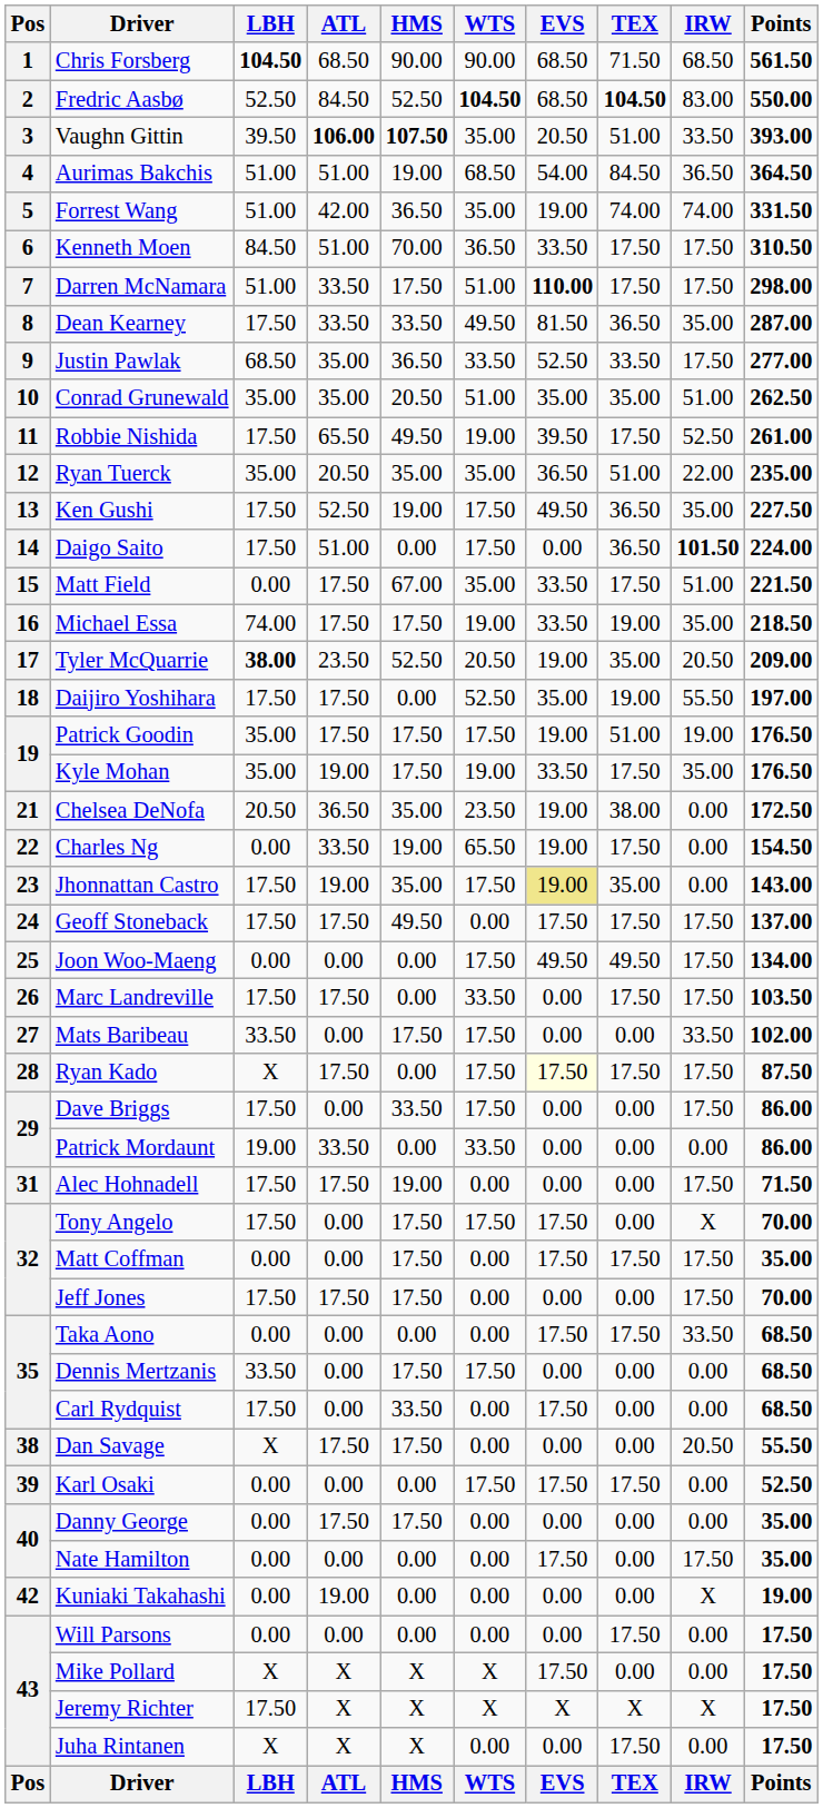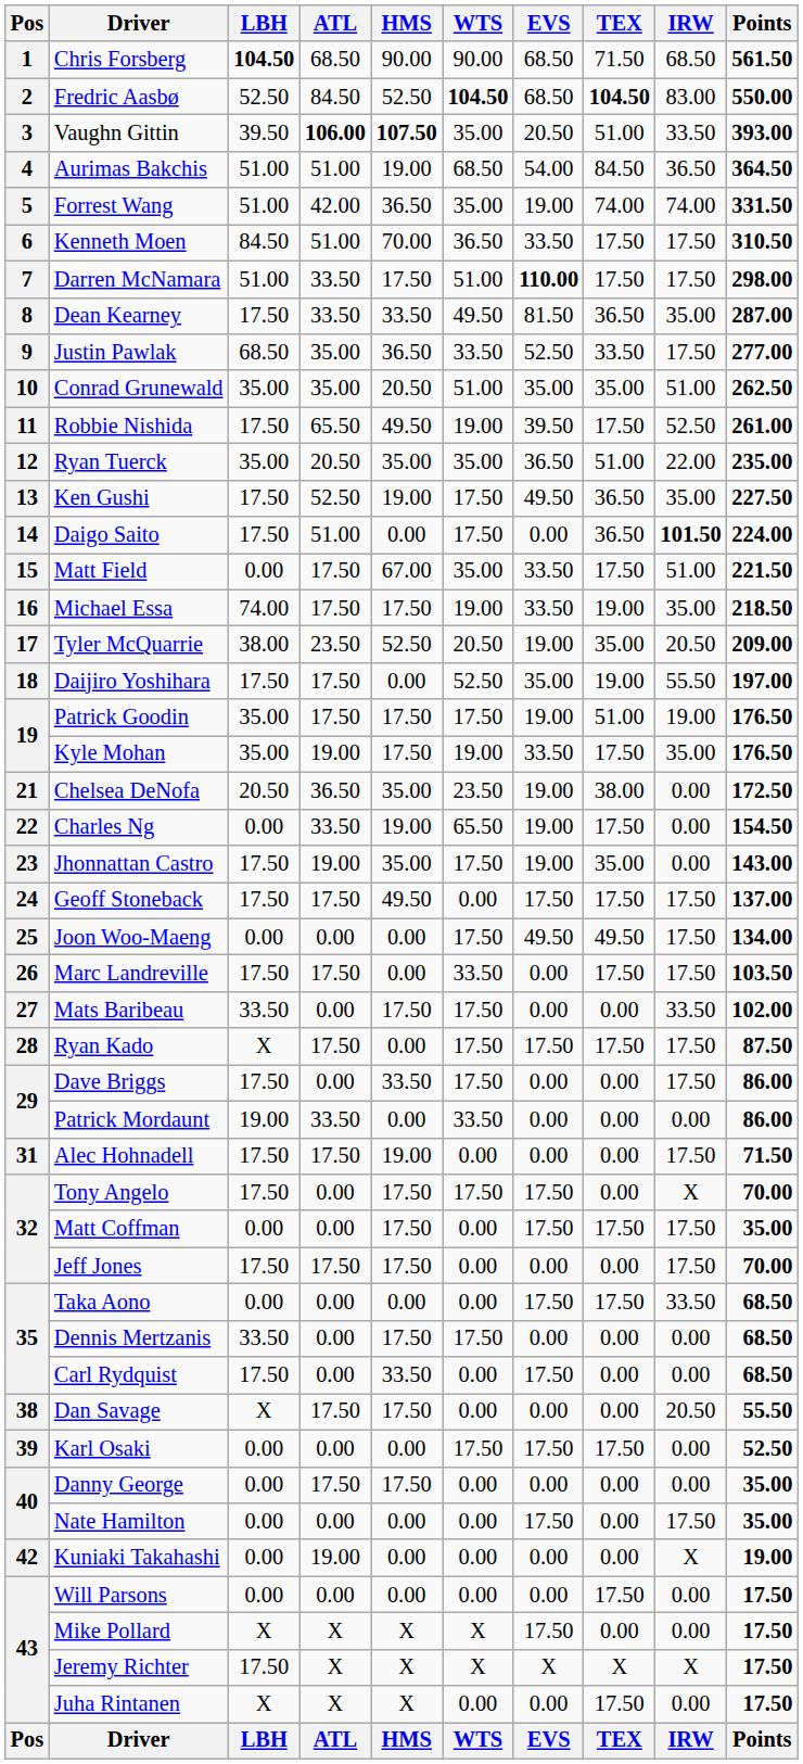 <table class="wikitable" style="font-size:85%; text-align:center">
 <tr style="background:#f9f9f9" valign="top">
 <th valign="middle">Pos</th>
 <th valign="middle">Driver</th>
 <th><a href='#'>LBH</a></th>
 <th><a href='#'>ATL</a></th>
 <th><a href='#'>HMS</a></th>
 <th><a href='#'>WTS</a></th>
 <th><a href='#'>EVS</a></th>
 <th><a href='#'>TEX</a></th>
 <th><a href='#'>IRW</a></th>
 <th valign="middle">Points</th>
 </tr>
 <tr>
 <th>1</th>
 <td align="left"> <a href='#'>Chris Forsberg</a></td>
 <td><strong>104.50</strong></td>
 <td>68.50</td>
 <td>90.00</td>
 <td>90.00</td>
 <td>68.50</td>
 <td>71.50</td>
 <td>68.50</td>
 <td align="right"><strong>561.50</strong></td>
 </tr>
 <tr>
 <th>2</th>
 <td align="left"> <a href='#'>Fredric Aasbø</a></td>
 <td>52.50</td>
 <td>84.50</td>
 <td>52.50</td>
 <td><strong>104.50</strong></td>
 <td>68.50</td>
 <td><strong>104.50</strong></td>
 <td>83.00</td>
 <td align="right"><strong>550.00</strong></td>
 </tr>
 <tr>
 <th>3</th>
 <td align="left"> Vaughn Gittin</td>
 <td>39.50</td>
 <td><strong>106.00</strong></td>
 <td><strong>107.50</strong></td>
 <td>35.00</td>
 <td>20.50</td>
 <td>51.00</td>
 <td>33.50</td>
 <td align="right"><strong>393.00</strong></td>
 </tr>
 <tr>
 <th>4</th>
 <td align="left"> <a href='#'>Aurimas Bakchis</a></td>
 <td>51.00</td>
 <td>51.00</td>
 <td>19.00</td>
 <td>68.50</td>
 <td>54.00</td>
 <td>84.50</td>
 <td>36.50</td>
 <td align="right"><strong>364.50</strong></td>
 </tr>
 <tr>
 <th>5</th>
 <td align="left"> <a href='#'>Forrest Wang</a></td>
 <td>51.00</td>
 <td>42.00</td>
 <td>36.50</td>
 <td>35.00</td>
 <td>19.00</td>
 <td>74.00</td>
 <td>74.00</td>
 <td align="right"><strong>331.50</strong></td>
 </tr>
 <tr>
 <th>6</th>
 <td align="left"> <a href='#'>Kenneth Moen</a></td>
 <td>84.50</td>
 <td>51.00</td>
 <td>70.00</td>
 <td>36.50</td>
 <td>33.50</td>
 <td>17.50</td>
 <td>17.50</td>
 <td align="right"><strong>310.50</strong></td>
 </tr>
 <tr>
 <th>7</th>
 <td align="left"> <a href='#'>Darren McNamara</a></td>
 <td>51.00</td>
 <td>33.50</td>
 <td>17.50</td>
 <td>51.00</td>
 <td><strong>110.00</strong></td>
 <td>17.50</td>
 <td>17.50</td>
 <td align="right"><strong>298.00</strong></td>
 </tr>
 <tr>
 <th>8</th>
 <td align="left"> <a href='#'>Dean Kearney</a></td>
 <td>17.50</td>
 <td>33.50</td>
 <td>33.50</td>
 <td>49.50</td>
 <td>81.50</td>
 <td>36.50</td>
 <td>35.00</td>
 <td align="right"><strong>287.00</strong></td>
 </tr>
 <tr>
 <th>9</th>
 <td align="left"> <a href='#'>Justin Pawlak</a></td>
 <td>68.50</td>
 <td>35.00</td>
 <td>36.50</td>
 <td>33.50</td>
 <td>52.50</td>
 <td>33.50</td>
 <td>17.50</td>
 <td align="right"><strong>277.00</strong></td>
 </tr>
 <tr>
 <th>10</th>
 <td align="left"> <a href='#'>Conrad Grunewald</a></td>
 <td>35.00</td>
 <td>35.00</td>
 <td>20.50</td>
 <td>51.00</td>
 <td>35.00</td>
 <td>35.00</td>
 <td>51.00</td>
 <td align="right"><strong>262.50</strong></td>
 </tr>
 <tr>
 <th>11</th>
 <td align="left"> <a href='#'>Robbie Nishida</a></td>
 <td>17.50</td>
 <td>65.50</td>
 <td>49.50</td>
 <td>19.00</td>
 <td>39.50</td>
 <td>17.50</td>
 <td>52.50</td>
 <td align="right"><strong>261.00</strong></td>
 </tr>
 <tr>
 <th>12</th>
 <td align="left"> <a href='#'>Ryan Tuerck</a></td>
 <td>35.00</td>
 <td>20.50</td>
 <td>35.00</td>
 <td>35.00</td>
 <td>36.50</td>
 <td>51.00</td>
 <td>22.00</td>
 <td align="right"><strong>235.00</strong></td>
 </tr>
 <tr>
 <th>13</th>
 <td align="left"> <a href='#'>Ken Gushi</a></td>
 <td>17.50</td>
 <td>52.50</td>
 <td>19.00</td>
 <td>17.50</td>
 <td>49.50</td>
 <td>36.50</td>
 <td>35.00</td>
 <td align="right"><strong>227.50</strong></td>
 </tr>
 <tr>
 <th>14</th>
 <td align="left"> <a href='#'>Daigo Saito</a></td>
 <td>17.50</td>
 <td>51.00</td>
 <td>0.00</td>
 <td>17.50</td>
 <td>0.00</td>
 <td>36.50</td>
 <td><strong>101.50</strong></td>
 <td align="right"><strong>224.00</strong></td>
 </tr>
 <tr>
 <th>15</th>
 <td align="left"> <a href='#'>Matt Field</a></td>
 <td>0.00</td>
 <td>17.50</td>
 <td>67.00</td>
 <td>35.00</td>
 <td>33.50</td>
 <td>17.50</td>
 <td>51.00</td>
 <td align="right"><strong>221.50</strong></td>
 </tr>
 <tr>
 <th>16</th>
 <td align="left"> <a href='#'>Michael Essa</a></td>
 <td>74.00</td>
 <td>17.50</td>
 <td>17.50</td>
 <td>19.00</td>
 <td>33.50</td>
 <td>19.00</td>
 <td>35.00</td>
 <td align="right"><strong>218.50</strong></td>
 </tr>
 <tr>
 <th>17</th>
 <td align="left"> <a href='#'>Tyler McQuarrie</a></td>
-<td><strong>38.00</strong></td>
+<td>38.00</td>
 <td>23.50</td>
 <td>52.50</td>
 <td>20.50</td>
 <td>19.00</td>
 <td>35.00</td>
 <td>20.50</td>
 <td align="right"><strong>209.00</strong></td>
 </tr>
 <tr>
 <th>18</th>
 <td align="left"> <a href='#'>Daijiro Yoshihara</a></td>
 <td>17.50</td>
 <td>17.50</td>
 <td>0.00</td>
 <td>52.50</td>
 <td>35.00</td>
 <td>19.00</td>
 <td>55.50</td>
 <td align="right"><strong>197.00</strong></td>
 </tr>
 <tr>
 <th rowspan=2>19</th>
 <td align="left"> <a href='#'>Patrick Goodin</a></td>
 <td>35.00</td>
 <td>17.50</td>
 <td>17.50</td>
 <td>17.50</td>
 <td>19.00</td>
 <td>51.00</td>
 <td>19.00</td>
 <td align="right"><strong>176.50</strong></td>
 </tr>
 <tr>
 <td align="left"> <a href='#'>Kyle Mohan</a></td>
 <td>35.00</td>
 <td>19.00</td>
 <td>17.50</td>
 <td>19.00</td>
 <td>33.50</td>
 <td>17.50</td>
 <td>35.00</td>
 <td align="right"><strong>176.50</strong></td>
 </tr>
 <tr>
 <th>21</th>
 <td align="left"> <a href='#'>Chelsea DeNofa</a></td>
 <td>20.50</td>
 <td>36.50</td>
 <td>35.00</td>
 <td>23.50</td>
 <td>19.00</td>
 <td>38.00</td>
 <td>0.00</td>
 <td align="right"><strong>172.50</strong></td>
 </tr>
 <tr>
 <th>22</th>
 <td align="left"> <a href='#'>Charles Ng</a></td>
 <td>0.00</td>
 <td>33.50</td>
 <td>19.00</td>
 <td>65.50</td>
 <td>19.00</td>
 <td>17.50</td>
 <td>0.00</td>
 <td align="right"><strong>154.50</strong></td>
 </tr>
 <tr>
 <th>23</th>
 <td align="left"> <a href='#'>Jhonnattan Castro</a></td>
 <td>17.50</td>
 <td>19.00</td>
 <td>35.00</td>
 <td>17.50</td>
-<td style="background: khaki;">19.00</td>
+<td>19.00</td>
 <td>35.00</td>
 <td>0.00</td>
 <td align="right"><strong>143.00</strong></td>
 </tr>
 <tr>
 <th>24</th>
 <td align="left"> <a href='#'>Geoff Stoneback</a></td>
 <td>17.50</td>
 <td>17.50</td>
 <td>49.50</td>
 <td>0.00</td>
 <td>17.50</td>
 <td>17.50</td>
 <td>17.50</td>
 <td align="right"><strong>137.00</strong></td>
 </tr>
 <tr>
 <th>25</th>
 <td align="left"> <a href='#'>Joon Woo-Maeng</a></td>
 <td>0.00</td>
 <td>0.00</td>
 <td>0.00</td>
 <td>17.50</td>
 <td>49.50</td>
 <td>49.50</td>
 <td>17.50</td>
 <td align="right"><strong>134.00</strong></td>
 </tr>
 <tr>
 <th>26</th>
 <td align="left"> <a href='#'>Marc Landreville</a></td>
 <td>17.50</td>
 <td>17.50</td>
 <td>0.00</td>
 <td>33.50</td>
 <td>0.00</td>
 <td>17.50</td>
 <td>17.50</td>
 <td align="right"><strong>103.50</strong></td>
 </tr>
 <tr>
 <th>27</th>
 <td align="left"> <a href='#'>Mats Baribeau</a></td>
 <td>33.50</td>
 <td>0.00</td>
 <td>17.50</td>
 <td>17.50</td>
 <td>0.00</td>
 <td>0.00</td>
 <td>33.50</td>
 <td align="right"><strong>102.00</strong></td>
 </tr>
 <tr>
 <th>28</th>
 <td align="left"> <a href='#'>Ryan Kado</a></td>
 <td>X</td>
 <td>17.50</td>
 <td>0.00</td>
 <td>17.50</td>
-<td style="background: lightyellow;">17.50</td>
+<td>17.50</td>
 <td>17.50</td>
 <td>17.50</td>
 <td align="right"><strong>87.50</strong></td>
 </tr>
 <tr>
 <th rowspan=2>29</th>
 <td align="left"> <a href='#'>Dave Briggs</a></td>
 <td>17.50</td>
 <td>0.00</td>
 <td>33.50</td>
 <td>17.50</td>
 <td>0.00</td>
 <td>0.00</td>
 <td>17.50</td>
 <td align="right"><strong>86.00</strong></td>
 </tr>
 <tr>
 <td align="left"> <a href='#'>Patrick Mordaunt</a></td>
 <td>19.00</td>
 <td>33.50</td>
 <td>0.00</td>
 <td>33.50</td>
 <td>0.00</td>
 <td>0.00</td>
 <td>0.00</td>
 <td align="right"><strong>86.00</strong></td>
 </tr>
 <tr>
 <th>31</th>
 <td align="left"> <a href='#'>Alec Hohnadell</a></td>
 <td>17.50</td>
 <td>17.50</td>
 <td>19.00</td>
 <td>0.00</td>
 <td>0.00</td>
 <td>0.00</td>
 <td>17.50</td>
 <td align="right"><strong>71.50</strong></td>
 </tr>
 <tr>
 <th rowspan=3>32</th>
 <td align="left"> <a href='#'>Tony Angelo</a></td>
 <td>17.50</td>
 <td>0.00</td>
 <td>17.50</td>
 <td>17.50</td>
 <td>17.50</td>
 <td>0.00</td>
 <td>X</td>
 <td align="right"><strong>70.00</strong></td>
 </tr>
 <tr>
 <td align="left"> <a href='#'>Matt Coffman</a></td>
 <td>0.00</td>
 <td>0.00</td>
 <td>17.50</td>
 <td>0.00</td>
 <td>17.50</td>
 <td>17.50</td>
 <td>17.50</td>
 <td align="right"><strong>35.00</strong></td>
 </tr>
 <tr>
 <td align="left"> <a href='#'>Jeff Jones</a></td>
 <td>17.50</td>
 <td>17.50</td>
 <td>17.50</td>
 <td>0.00</td>
 <td>0.00</td>
 <td>0.00</td>
 <td>17.50</td>
 <td align="right"><strong>70.00</strong></td>
 </tr>
 <tr>
 <th rowspan=3>35</th>
 <td align="left"> <a href='#'>Taka Aono</a></td>
 <td>0.00</td>
 <td>0.00</td>
 <td>0.00</td>
 <td>0.00</td>
 <td>17.50</td>
 <td>17.50</td>
 <td>33.50</td>
 <td align="right"><strong>68.50</strong></td>
 </tr>
 <tr>
 <td align="left"> <a href='#'>Dennis Mertzanis</a></td>
 <td>33.50</td>
 <td>0.00</td>
 <td>17.50</td>
 <td>17.50</td>
 <td>0.00</td>
 <td>0.00</td>
 <td>0.00</td>
 <td align="right"><strong>68.50</strong></td>
 </tr>
 <tr>
 <td align="left"> <a href='#'>Carl Rydquist</a></td>
 <td>17.50</td>
 <td>0.00</td>
 <td>33.50</td>
 <td>0.00</td>
 <td>17.50</td>
 <td>0.00</td>
 <td>0.00</td>
 <td align="right"><strong>68.50</strong></td>
 </tr>
 <tr>
 <th>38</th>
 <td align="left"> <a href='#'>Dan Savage</a></td>
 <td>X</td>
 <td>17.50</td>
 <td>17.50</td>
 <td>0.00</td>
 <td>0.00</td>
 <td>0.00</td>
 <td>20.50</td>
 <td align="right"><strong>55.50</strong></td>
 </tr>
 <tr>
 <th>39</th>
 <td align="left"> <a href='#'>Karl Osaki</a></td>
 <td>0.00</td>
 <td>0.00</td>
 <td>0.00</td>
 <td>17.50</td>
 <td>17.50</td>
 <td>17.50</td>
 <td>0.00</td>
 <td align="right"><strong>52.50</strong></td>
 </tr>
 <tr>
 <th rowspan=2>40</th>
 <td align="left"> <a href='#'>Danny George</a></td>
 <td>0.00</td>
 <td>17.50</td>
 <td>17.50</td>
 <td>0.00</td>
 <td>0.00</td>
 <td>0.00</td>
 <td>0.00</td>
 <td align="right"><strong>35.00</strong></td>
 </tr>
 <tr>
 <td align="left"> <a href='#'>Nate Hamilton</a></td>
 <td>0.00</td>
 <td>0.00</td>
 <td>0.00</td>
 <td>0.00</td>
 <td>17.50</td>
 <td>0.00</td>
 <td>17.50</td>
 <td align="right"><strong>35.00</strong></td>
 </tr>
 <tr>
 <th>42</th>
 <td align="left"> <a href='#'>Kuniaki Takahashi</a></td>
 <td>0.00</td>
 <td>19.00</td>
 <td>0.00</td>
 <td>0.00</td>
 <td>0.00</td>
 <td>0.00</td>
 <td>X</td>
 <td align="right"><strong>19.00</strong></td>
 </tr>
 <tr>
 <th rowspan=4>43</th>
 <td align="left"> <a href='#'>Will Parsons</a></td>
 <td>0.00</td>
 <td>0.00</td>
 <td>0.00</td>
 <td>0.00</td>
 <td>0.00</td>
 <td>17.50</td>
 <td>0.00</td>
 <td align="right"><strong>17.50</strong></td>
 </tr>
 <tr>
 <td align="left"> <a href='#'>Mike Pollard</a></td>
 <td>X</td>
 <td>X</td>
 <td>X</td>
 <td>X</td>
 <td>17.50</td>
 <td>0.00</td>
 <td>0.00</td>
 <td align="right"><strong>17.50</strong></td>
 </tr>
 <tr>
 <td align="left"> <a href='#'>Jeremy Richter</a></td>
 <td>17.50</td>
 <td>X</td>
 <td>X</td>
 <td>X</td>
 <td>X</td>
 <td>X</td>
 <td>X</td>
 <td align="right"><strong>17.50</strong></td>
 </tr>
 <tr>
 <td align="left"> <a href='#'>Juha Rintanen</a></td>
 <td>X</td>
 <td>X</td>
 <td>X</td>
 <td>0.00</td>
 <td>0.00</td>
 <td>17.50</td>
 <td>0.00</td>
 <td align="right"><strong>17.50</strong></td>
 </tr>
 <tr style="background:#f9f9f9" valign="top">
 <th valign="middle">Pos</th>
 <th valign="middle">Driver</th>
 <th><a href='#'>LBH</a></th>
 <th><a href='#'>ATL</a></th>
 <th><a href='#'>HMS</a></th>
 <th><a href='#'>WTS</a></th>
 <th><a href='#'>EVS</a></th>
 <th><a href='#'>TEX</a></th>
 <th><a href='#'>IRW</a></th>
 <th valign="middle">Points</th>
 </tr>
 </table>
